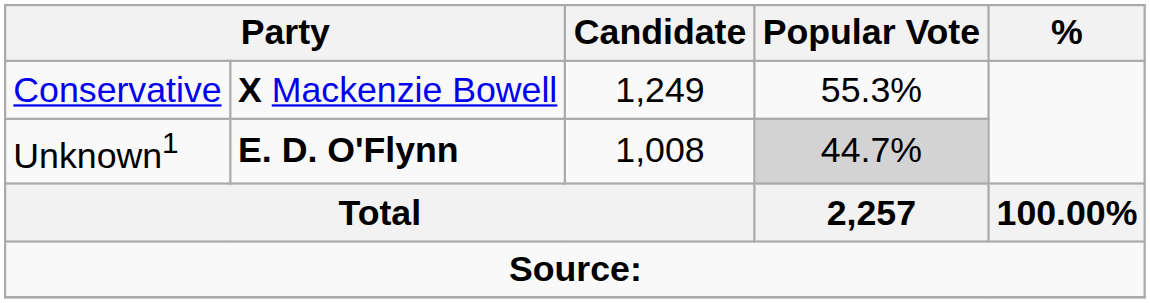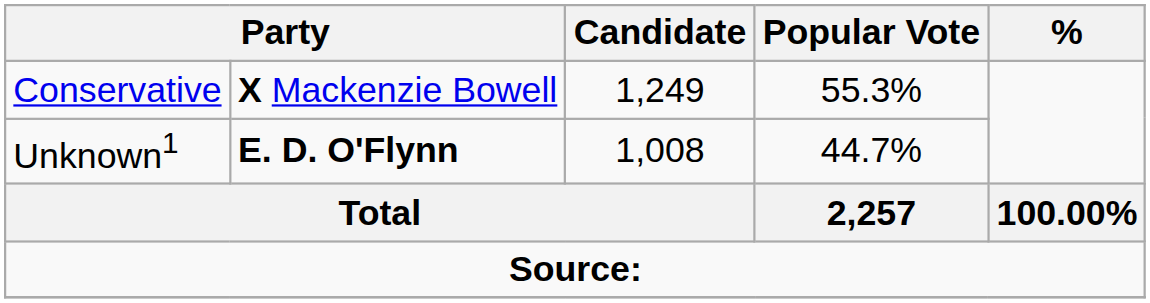 <table class="wikitable">
 <tr>
 <th colspan="2">Party</th>
 <th>Candidate</th>
 <th>Popular Vote</th>
 <th>%</th>
 </tr>
 <tr>
 <td><a href='#'>Conservative</a></td>
 <td> <strong>X</strong> <a href='#'>Mackenzie Bowell</a></td>
 <td align=center>1,249</td>
 <td align=center>55.3%</td>
 </tr>
 <tr>
 <td>Unknown<sup>1</sup></td>
 <td><strong>E. D. O'Flynn</strong></td>
 <td align=center>1,008</td>
-<td align=center style="background: lightgrey;">44.7%</td>
+<td align=center>44.7%</td>
 </tr>
 <tr>
 <th colspan=3 align=center>Total</th>
 <th align=right>2,257</th>
 <th align=right>100.00%</th>
 </tr>
 <tr>
 <td align="center" colspan=5><strong>Source:</strong> </td>
 </tr>
 <tr>
 </tr>
 </table>
